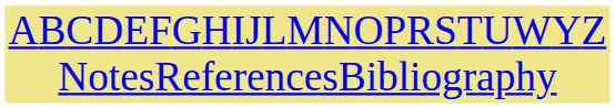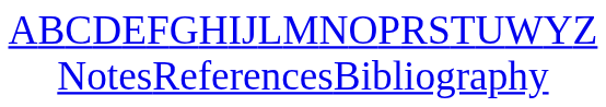 <table id="toc" class="toc" summary="Class" align="center" style="text-align:center;">
 <tr>
 <th></th>
 </tr>
 <tr>
-<td style="background: khaki;"><a href='#'>A</a><a href='#'>B</a><a href='#'>C</a><a href='#'>D</a><a href='#'>E</a><a href='#'>F</a><a href='#'>G</a><a href='#'>H</a><a href='#'>I</a><a href='#'>J</a><a href='#'>L</a><a href='#'>M</a><a href='#'>N</a><a href='#'>O</a><a href='#'>P</a><a href='#'>R</a><a href='#'>S</a><a href='#'>T</a><a href='#'>U</a><a href='#'>W</a><a href='#'>Y</a><a href='#'>Z</a><br><a href='#'>Notes</a><a href='#'>References</a><a href='#'>Bibliography</a></td>
+<td><a href='#'>A</a><a href='#'>B</a><a href='#'>C</a><a href='#'>D</a><a href='#'>E</a><a href='#'>F</a><a href='#'>G</a><a href='#'>H</a><a href='#'>I</a><a href='#'>J</a><a href='#'>L</a><a href='#'>M</a><a href='#'>N</a><a href='#'>O</a><a href='#'>P</a><a href='#'>R</a><a href='#'>S</a><a href='#'>T</a><a href='#'>U</a><a href='#'>W</a><a href='#'>Y</a><a href='#'>Z</a><br><a href='#'>Notes</a><a href='#'>References</a><a href='#'>Bibliography</a></td>
 </tr>
 </table>
